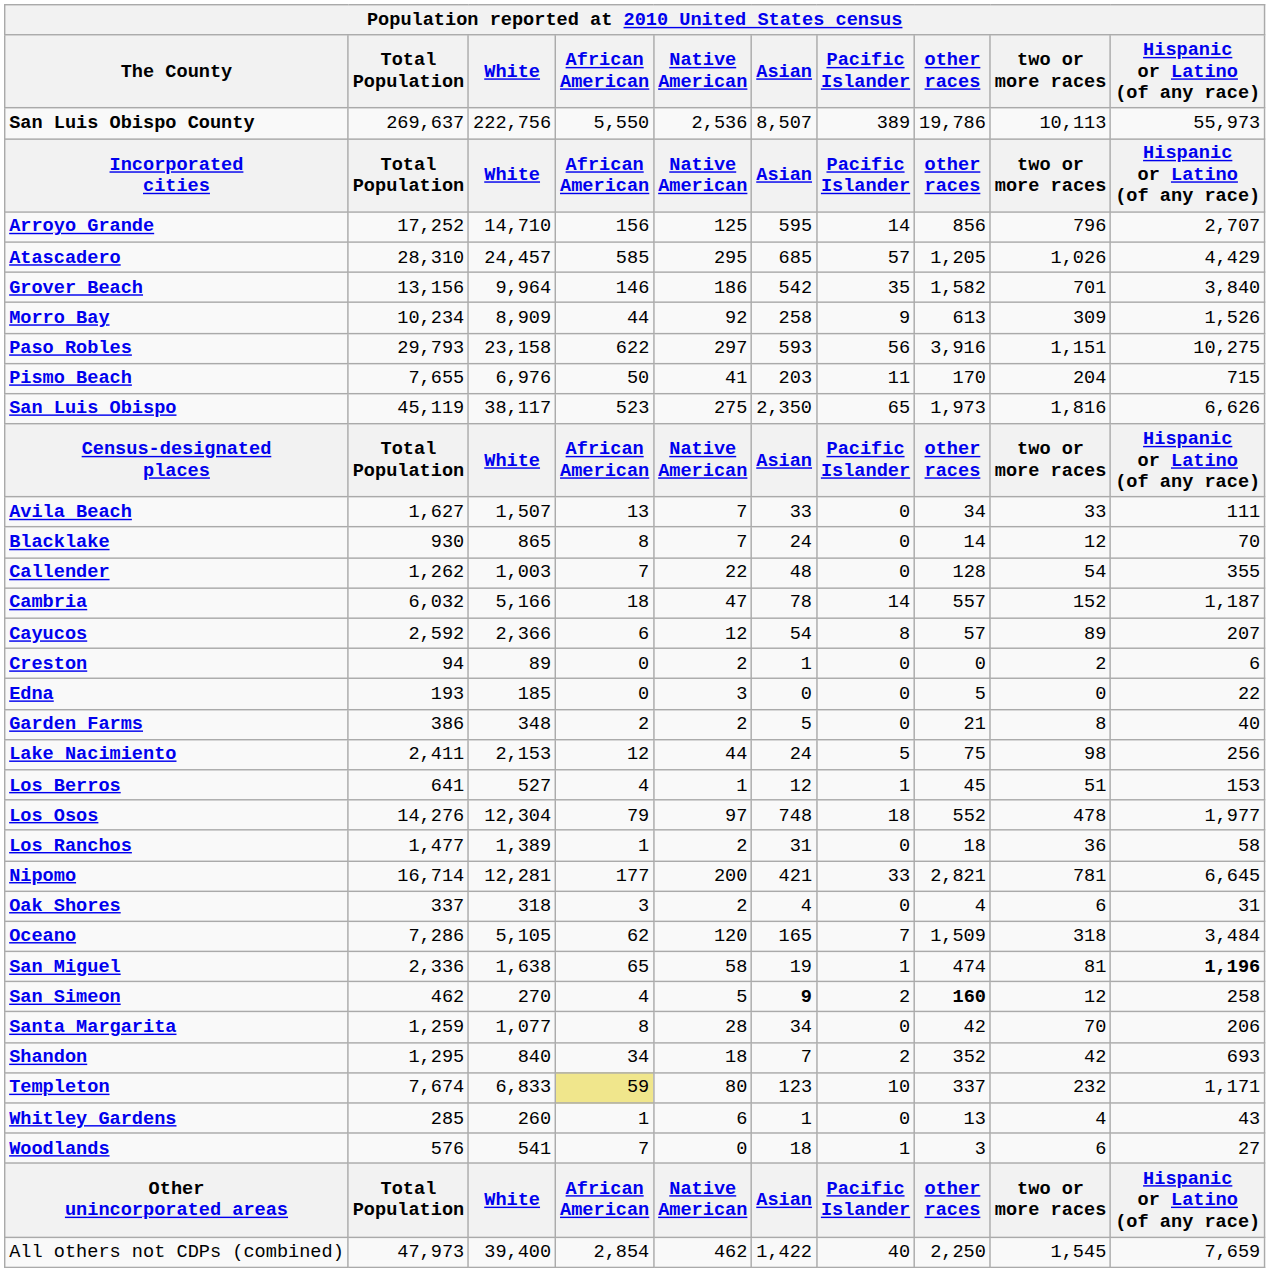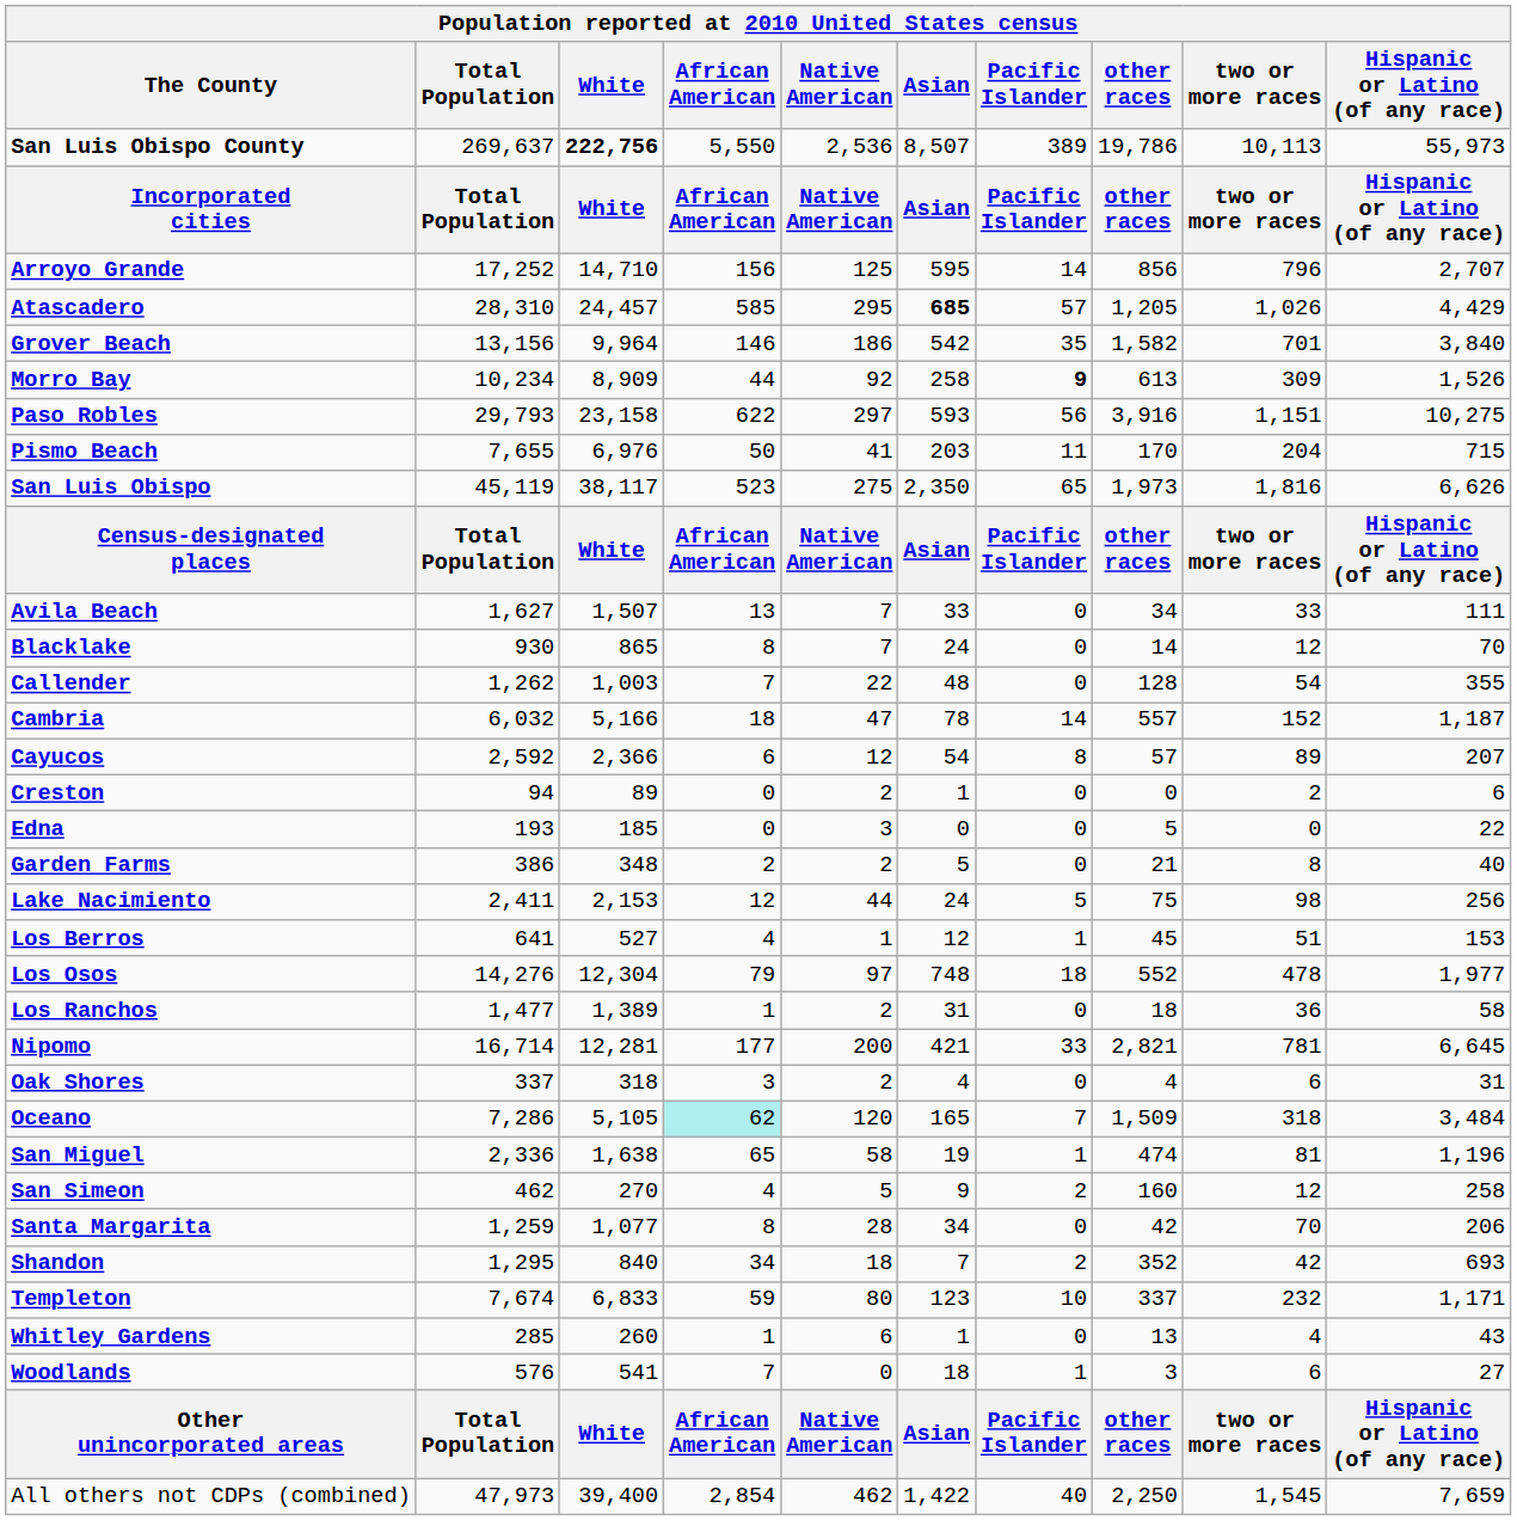 <table class="wikitable collapsible collapsed">
 <tr>
 <th colspan=10>Population reported at <a href='#'>2010 United States census</a></th>
 </tr>
 <tr>
 <th>The County</th>
 <th>Total<br>Population</th>
 <th><a href='#'>White</a></th>
 <th><a href='#'>African<br>American</a></th>
 <th><a href='#'>Native<br>American</a></th>
 <th><a href='#'>Asian</a></th>
 <th><a href='#'>Pacific<br>Islander</a></th>
 <th><a href='#'>other<br>races</a></th>
 <th>two or<br>more races</th>
 <th><a href='#'>Hispanic</a><br>or <a href='#'>Latino</a><br>(of any race)</th>
 </tr>
 <tr>
 <td><strong> San Luis Obispo County</strong></td>
 <td align="right">269,637</td>
-<td align="right">222,756</td>
+<td align="right"><strong>222,756</strong></td>
 <td align="right">5,550</td>
 <td align="right">2,536</td>
 <td align="right">8,507</td>
 <td align="right">389</td>
 <td align="right">19,786</td>
 <td align="right">10,113</td>
 <td align="right">55,973</td>
 </tr>
 <tr>
 <th><a href='#'>Incorporated<br>cities</a></th>
 <th>Total<br>Population</th>
 <th><a href='#'>White</a></th>
 <th><a href='#'>African<br>American</a></th>
 <th><a href='#'>Native<br>American</a></th>
 <th><a href='#'>Asian</a></th>
 <th><a href='#'>Pacific<br>Islander</a></th>
 <th><a href='#'>other<br>races</a></th>
 <th>two or<br>more races</th>
 <th><a href='#'>Hispanic</a><br>or <a href='#'>Latino</a><br>(of any race)</th>
 </tr>
 <tr>
 <td><strong><a href='#'>Arroyo Grande</a></strong></td>
 <td align="right">17,252</td>
 <td align="right">14,710</td>
 <td align="right">156</td>
 <td align="right">125</td>
 <td align="right">595</td>
 <td align="right">14</td>
 <td align="right">856</td>
 <td align="right">796</td>
 <td align="right">2,707</td>
 </tr>
 <tr>
 <td><strong><a href='#'>Atascadero</a></strong></td>
 <td align="right">28,310</td>
 <td align="right">24,457</td>
 <td align="right">585</td>
 <td align="right">295</td>
-<td align="right">685</td>
+<td align="right"><strong>685</strong></td>
 <td align="right">57</td>
 <td align="right">1,205</td>
 <td align="right">1,026</td>
 <td align="right">4,429</td>
 </tr>
 <tr>
 <td><strong><a href='#'>Grover Beach</a></strong></td>
 <td align="right">13,156</td>
 <td align="right">9,964</td>
 <td align="right">146</td>
 <td align="right">186</td>
 <td align="right">542</td>
 <td align="right">35</td>
 <td align="right">1,582</td>
 <td align="right">701</td>
 <td align="right">3,840</td>
 </tr>
 <tr>
 <td><strong><a href='#'>Morro Bay</a></strong></td>
 <td align="right">10,234</td>
 <td align="right">8,909</td>
 <td align="right">44</td>
 <td align="right">92</td>
 <td align="right">258</td>
-<td align="right">9</td>
+<td align="right"><strong>9</strong></td>
 <td align="right">613</td>
 <td align="right">309</td>
 <td align="right">1,526</td>
 </tr>
 <tr>
 <td><strong><a href='#'>Paso Robles</a></strong></td>
 <td align="right">29,793</td>
 <td align="right">23,158</td>
 <td align="right">622</td>
 <td align="right">297</td>
 <td align="right">593</td>
 <td align="right">56</td>
 <td align="right">3,916</td>
 <td align="right">1,151</td>
 <td align="right">10,275</td>
 </tr>
 <tr>
 <td><strong><a href='#'>Pismo Beach</a></strong></td>
 <td align="right">7,655</td>
 <td align="right">6,976</td>
 <td align="right">50</td>
 <td align="right">41</td>
 <td align="right">203</td>
 <td align="right">11</td>
 <td align="right">170</td>
 <td align="right">204</td>
 <td align="right">715</td>
 </tr>
 <tr>
 <td><strong><a href='#'>San Luis Obispo</a></strong></td>
 <td align="right">45,119</td>
 <td align="right">38,117</td>
 <td align="right">523</td>
 <td align="right">275</td>
 <td align="right">2,350</td>
 <td align="right">65</td>
 <td align="right">1,973</td>
 <td align="right">1,816</td>
 <td align="right">6,626</td>
 </tr>
 <tr>
 <th><a href='#'>Census-designated<br>places</a></th>
 <th>Total<br>Population</th>
 <th><a href='#'>White</a></th>
 <th><a href='#'>African<br>American</a></th>
 <th><a href='#'>Native<br>American</a></th>
 <th><a href='#'>Asian</a></th>
 <th><a href='#'>Pacific<br>Islander</a></th>
 <th><a href='#'>other<br>races</a></th>
 <th>two or<br>more races</th>
 <th><a href='#'>Hispanic</a><br>or <a href='#'>Latino</a><br>(of any race)</th>
 </tr>
 <tr>
 <td><strong><a href='#'>Avila Beach</a></strong></td>
 <td align="right">1,627</td>
 <td align="right">1,507</td>
 <td align="right">13</td>
 <td align="right">7</td>
 <td align="right">33</td>
 <td align="right">0</td>
 <td align="right">34</td>
 <td align="right">33</td>
 <td align="right">111</td>
 </tr>
 <tr>
 <td><strong><a href='#'>Blacklake</a></strong></td>
 <td align="right">930</td>
 <td align="right">865</td>
 <td align="right">8</td>
 <td align="right">7</td>
 <td align="right">24</td>
 <td align="right">0</td>
 <td align="right">14</td>
 <td align="right">12</td>
 <td align="right">70</td>
 </tr>
 <tr>
 <td><strong><a href='#'>Callender</a></strong></td>
 <td align="right">1,262</td>
 <td align="right">1,003</td>
 <td align="right">7</td>
 <td align="right">22</td>
 <td align="right">48</td>
 <td align="right">0</td>
 <td align="right">128</td>
 <td align="right">54</td>
 <td align="right">355</td>
 </tr>
 <tr>
 <td><strong><a href='#'>Cambria</a></strong></td>
 <td align="right">6,032</td>
 <td align="right">5,166</td>
 <td align="right">18</td>
 <td align="right">47</td>
 <td align="right">78</td>
 <td align="right">14</td>
 <td align="right">557</td>
 <td align="right">152</td>
 <td align="right">1,187</td>
 </tr>
 <tr>
 <td><strong><a href='#'>Cayucos</a></strong></td>
 <td align="right">2,592</td>
 <td align="right">2,366</td>
 <td align="right">6</td>
 <td align="right">12</td>
 <td align="right">54</td>
 <td align="right">8</td>
 <td align="right">57</td>
 <td align="right">89</td>
 <td align="right">207</td>
 </tr>
 <tr>
 <td><strong><a href='#'>Creston</a></strong></td>
 <td align="right">94</td>
 <td align="right">89</td>
 <td align="right">0</td>
 <td align="right">2</td>
 <td align="right">1</td>
 <td align="right">0</td>
 <td align="right">0</td>
 <td align="right">2</td>
 <td align="right">6</td>
 </tr>
 <tr>
 <td><strong><a href='#'>Edna</a></strong></td>
 <td align="right">193</td>
 <td align="right">185</td>
 <td align="right">0</td>
 <td align="right">3</td>
 <td align="right">0</td>
 <td align="right">0</td>
 <td align="right">5</td>
 <td align="right">0</td>
 <td align="right">22</td>
 </tr>
 <tr>
 <td><strong><a href='#'>Garden Farms</a></strong></td>
 <td align="right">386</td>
 <td align="right">348</td>
 <td align="right">2</td>
 <td align="right">2</td>
 <td align="right">5</td>
 <td align="right">0</td>
 <td align="right">21</td>
 <td align="right">8</td>
 <td align="right">40</td>
 </tr>
 <tr>
 <td><strong><a href='#'>Lake Nacimiento</a></strong></td>
 <td align="right">2,411</td>
 <td align="right">2,153</td>
 <td align="right">12</td>
 <td align="right">44</td>
 <td align="right">24</td>
 <td align="right">5</td>
 <td align="right">75</td>
 <td align="right">98</td>
 <td align="right">256</td>
 </tr>
 <tr>
 <td><strong><a href='#'>Los Berros</a></strong></td>
 <td align="right">641</td>
 <td align="right">527</td>
 <td align="right">4</td>
 <td align="right">1</td>
 <td align="right">12</td>
 <td align="right">1</td>
 <td align="right">45</td>
 <td align="right">51</td>
 <td align="right">153</td>
 </tr>
 <tr>
 <td><strong><a href='#'>Los Osos</a></strong></td>
 <td align="right">14,276</td>
 <td align="right">12,304</td>
 <td align="right">79</td>
 <td align="right">97</td>
 <td align="right">748</td>
 <td align="right">18</td>
 <td align="right">552</td>
 <td align="right">478</td>
 <td align="right">1,977</td>
 </tr>
 <tr>
 <td><strong><a href='#'>Los Ranchos</a></strong></td>
 <td align="right">1,477</td>
 <td align="right">1,389</td>
 <td align="right">1</td>
 <td align="right">2</td>
 <td align="right">31</td>
 <td align="right">0</td>
 <td align="right">18</td>
 <td align="right">36</td>
 <td align="right">58</td>
 </tr>
 <tr>
 <td><strong><a href='#'>Nipomo</a></strong></td>
 <td align="right">16,714</td>
 <td align="right">12,281</td>
 <td align="right">177</td>
 <td align="right">200</td>
 <td align="right">421</td>
 <td align="right">33</td>
 <td align="right">2,821</td>
 <td align="right">781</td>
 <td align="right">6,645</td>
 </tr>
 <tr>
 <td><strong><a href='#'>Oak Shores</a></strong></td>
 <td align="right">337</td>
 <td align="right">318</td>
 <td align="right">3</td>
 <td align="right">2</td>
 <td align="right">4</td>
 <td align="right">0</td>
 <td align="right">4</td>
 <td align="right">6</td>
 <td align="right">31</td>
 </tr>
 <tr>
 <td><strong><a href='#'>Oceano</a></strong></td>
 <td align="right">7,286</td>
 <td align="right">5,105</td>
-<td align="right">62</td>
+<td align="right" style="background: paleturquoise;">62</td>
 <td align="right">120</td>
 <td align="right">165</td>
 <td align="right">7</td>
 <td align="right">1,509</td>
 <td align="right">318</td>
 <td align="right">3,484</td>
 </tr>
 <tr>
 <td><strong><a href='#'>San Miguel</a></strong></td>
 <td align="right">2,336</td>
 <td align="right">1,638</td>
 <td align="right">65</td>
 <td align="right">58</td>
 <td align="right">19</td>
 <td align="right">1</td>
 <td align="right">474</td>
 <td align="right">81</td>
-<td align="right"><strong>1,196</strong></td>
+<td align="right">1,196</td>
 </tr>
 <tr>
 <td><strong><a href='#'>San Simeon</a></strong></td>
 <td align="right">462</td>
 <td align="right">270</td>
 <td align="right">4</td>
 <td align="right">5</td>
-<td align="right"><strong>9</strong></td>
+<td align="right">9</td>
 <td align="right">2</td>
-<td align="right"><strong>160</strong></td>
+<td align="right">160</td>
 <td align="right">12</td>
 <td align="right">258</td>
 </tr>
 <tr>
 <td><strong><a href='#'>Santa Margarita</a></strong></td>
 <td align="right">1,259</td>
 <td align="right">1,077</td>
 <td align="right">8</td>
 <td align="right">28</td>
 <td align="right">34</td>
 <td align="right">0</td>
 <td align="right">42</td>
 <td align="right">70</td>
 <td align="right">206</td>
 </tr>
 <tr>
 <td><strong><a href='#'>Shandon</a></strong></td>
 <td align="right">1,295</td>
 <td align="right">840</td>
 <td align="right">34</td>
 <td align="right">18</td>
 <td align="right">7</td>
 <td align="right">2</td>
 <td align="right">352</td>
 <td align="right">42</td>
 <td align="right">693</td>
 </tr>
 <tr>
 <td><strong><a href='#'>Templeton</a></strong></td>
 <td align="right">7,674</td>
 <td align="right">6,833</td>
-<td align="right" style="background: khaki;">59</td>
+<td align="right">59</td>
 <td align="right">80</td>
 <td align="right">123</td>
 <td align="right">10</td>
 <td align="right">337</td>
 <td align="right">232</td>
 <td align="right">1,171</td>
 </tr>
 <tr>
 <td><strong><a href='#'>Whitley Gardens</a></strong></td>
 <td align="right">285</td>
 <td align="right">260</td>
 <td align="right">1</td>
 <td align="right">6</td>
 <td align="right">1</td>
 <td align="right">0</td>
 <td align="right">13</td>
 <td align="right">4</td>
 <td align="right">43</td>
 </tr>
 <tr>
 <td><strong><a href='#'>Woodlands</a></strong></td>
 <td align="right">576</td>
 <td align="right">541</td>
 <td align="right">7</td>
 <td align="right">0</td>
 <td align="right">18</td>
 <td align="right">1</td>
 <td align="right">3</td>
 <td align="right">6</td>
 <td align="right">27</td>
 </tr>
 <tr>
 <th>Other<br><a href='#'>unincorporated areas</a></th>
 <th>Total<br>Population</th>
 <th><a href='#'>White</a></th>
 <th><a href='#'>African<br>American</a></th>
 <th><a href='#'>Native<br>American</a></th>
 <th><a href='#'>Asian</a></th>
 <th><a href='#'>Pacific<br>Islander</a></th>
 <th><a href='#'>other<br>races</a></th>
 <th>two or<br>more races</th>
 <th><a href='#'>Hispanic</a><br>or <a href='#'>Latino</a><br>(of any race)</th>
 </tr>
 <tr>
 <td>All others not CDPs (combined)</td>
 <td align="right">47,973</td>
 <td align="right">39,400</td>
 <td align="right">2,854</td>
 <td align="right">462</td>
 <td align="right">1,422</td>
 <td align="right">40</td>
 <td align="right">2,250</td>
 <td align="right">1,545</td>
 <td align="right">7,659</td>
 </tr>
 </table>
